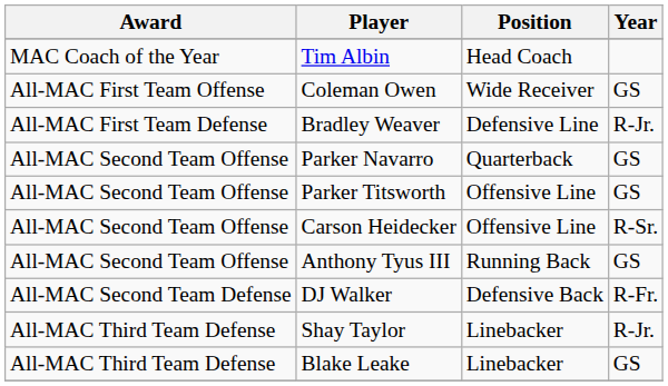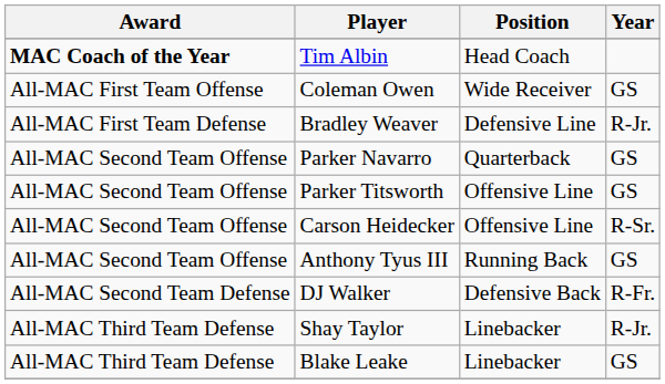 <table class="wikitable" border="1">
 <tr align=center>
 <th style= >Award</th>
 <th style= >Player</th>
 <th style= >Position</th>
 <th style= >Year</th>
 </tr>
 <tr align="center">
 </tr>
 <tr>
-<td>MAC Coach of the Year</td>
+<td><strong>MAC Coach of the Year</strong></td>
 <td><a href='#'>Tim Albin</a></td>
 <td>Head Coach</td>
 <td></td>
 </tr>
 <tr>
 <td>All-MAC First Team Offense</td>
 <td>Coleman Owen</td>
 <td>Wide Receiver</td>
 <td>GS</td>
 </tr>
 <tr>
 <td>All-MAC First Team Defense</td>
 <td>Bradley Weaver</td>
 <td>Defensive Line</td>
 <td>R-Jr.</td>
 </tr>
 <tr>
 <td>All-MAC Second Team Offense</td>
 <td>Parker Navarro</td>
 <td>Quarterback</td>
 <td>GS</td>
 </tr>
 <tr>
 <td>All-MAC Second Team Offense</td>
 <td>Parker Titsworth</td>
 <td>Offensive Line</td>
 <td>GS</td>
 </tr>
 <tr>
 <td>All-MAC Second Team Offense</td>
 <td>Carson Heidecker</td>
 <td>Offensive Line</td>
 <td>R-Sr.</td>
 </tr>
 <tr>
 <td>All-MAC Second Team Offense</td>
 <td>Anthony Tyus III</td>
 <td>Running Back</td>
 <td>GS</td>
 </tr>
 <tr>
 <td>All-MAC Second Team Defense</td>
 <td>DJ Walker</td>
 <td>Defensive Back</td>
 <td>R-Fr.</td>
 </tr>
 <tr>
 <td>All-MAC Third Team Defense</td>
 <td>Shay Taylor</td>
 <td>Linebacker</td>
 <td>R-Jr.</td>
 </tr>
 <tr>
 <td>All-MAC Third Team Defense</td>
 <td>Blake Leake</td>
 <td>Linebacker</td>
 <td>GS</td>
 </tr>
 <tr>
 </tr>
 </table>
